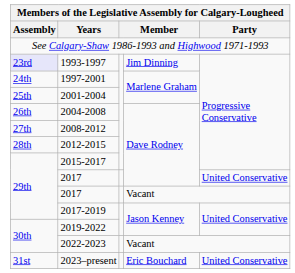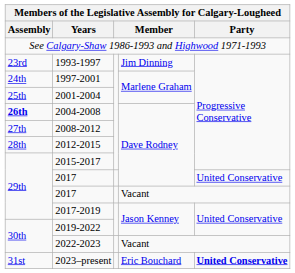 <table class="wikitable" align=right>
 <tr>
 <th colspan=5>Members of the Legislative Assembly for Calgary-Lougheed</th>
 </tr>
 <tr>
 <th>Assembly</th>
 <th>Years</th>
 <th colspan="2">Member</th>
 <th>Party</th>
 </tr>
 <tr>
 <td align="center" colspan=5><em>See <a href='#'>Calgary-Shaw</a> 1986-1993 and <a href='#'>Highwood</a> 1971-1993</em></td>
 </tr>
 <tr>
-<td style="background: lavender;"><a href='#'>23rd</a></td>
+<td><a href='#'>23rd</a></td>
 <td>1993-1997</td>
 <td rowspan=7 ></td>
 <td><a href='#'>Jim Dinning</a></td>
 <td rowspan=7><a href='#'>Progressive<br>Conservative</a></td>
 </tr>
 <tr>
 <td><a href='#'>24th</a></td>
 <td>1997-2001</td>
 <td rowspan=2><a href='#'>Marlene Graham</a></td>
 </tr>
 <tr>
 <td><a href='#'>25th</a></td>
 <td>2001-2004</td>
 </tr>
 <tr>
-<td><a href='#'>26th</a></td>
+<td><strong><a href='#'>26th</a></strong></td>
 <td>2004-2008</td>
 <td rowspan=5><a href='#'>Dave Rodney</a></td>
 </tr>
 <tr>
 <td><a href='#'>27th</a></td>
 <td>2008-2012</td>
 </tr>
 <tr>
 <td><a href='#'>28th</a></td>
 <td>2012-2015</td>
 </tr>
 <tr>
 <td rowspan=4><a href='#'>29th</a></td>
 <td>2015-2017</td>
 </tr>
 <tr>
 <td>2017</td>
 <td></td>
 <td><a href='#'>United Conservative</a></td>
 </tr>
 <tr>
 <td>2017</td>
 <td></td>
 <td colspan=2>Vacant</td>
 </tr>
 <tr>
 <td>2017-2019</td>
 <td rowspan=2 ></td>
 <td rowspan=2><a href='#'>Jason Kenney</a></td>
 <td rowspan=2><a href='#'>United Conservative</a></td>
 </tr>
 <tr>
 <td rowspan=2><a href='#'>30th</a></td>
 <td>2019-2022</td>
 </tr>
 <tr>
 <td>2022-2023</td>
 <td></td>
 <td colspan=2>Vacant</td>
 </tr>
 <tr>
 <td><a href='#'>31st</a></td>
 <td>2023–present</td>
 <td rowspan="2" ></td>
 <td><a href='#'>Eric Bouchard</a></td>
-<td><a href='#'>United Conservative</a></td>
+<td><strong><a href='#'>United Conservative</a></strong></td>
 </tr>
 </table>
